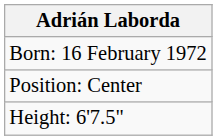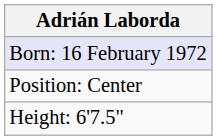 <table class="wikitable">
 <tr>
 <th>Adrián Laborda</th>
 </tr>
 <tr>
-<td>Born: 16 February 1972</td>
+<td style="background: lavender;">Born: 16 February 1972</td>
 </tr>
 <tr>
 <td>Position: Center</td>
 </tr>
 <tr>
 <td>Height:  6'7.5"</td>
 </tr>
 </table>
